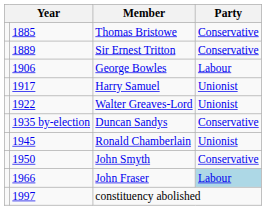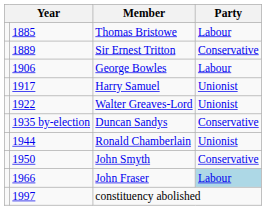 <table class="wikitable">
 <tr>
 <th colspan="2">Year</th>
 <th>Member</th>
 <th>Party</th>
 </tr>
 <tr>
 <td style="color:inherit;background-color: "></td>
 <td><a href='#'>1885</a></td>
 <td><a href='#'>Thomas Bristowe</a></td>
-<td><a href='#'>Conservative</a></td>
+<td><a href='#'>Labour</a></td>
 </tr>
 <tr>
 <td style="color:inherit;background-color: "></td>
 <td><a href='#'>1889</a></td>
 <td><a href='#'>Sir Ernest Tritton</a></td>
 <td><a href='#'>Conservative</a></td>
 </tr>
 <tr>
 <td style="color:inherit;background-color: "></td>
 <td><a href='#'>1906</a></td>
 <td><a href='#'>George Bowles</a></td>
 <td><a href='#'>Labour</a></td>
 </tr>
 <tr>
 <td style="color:inherit;background-color: "></td>
 <td><a href='#'>1917</a></td>
 <td><a href='#'>Harry Samuel</a></td>
 <td><a href='#'>Unionist</a></td>
 </tr>
 <tr>
 <td style="color:inherit;background-color: "></td>
 <td><a href='#'>1922</a></td>
 <td><a href='#'>Walter Greaves-Lord</a></td>
 <td><a href='#'>Unionist</a></td>
 </tr>
 <tr>
 <td style="color:inherit;background-color: "></td>
 <td><a href='#'>1935 by-election</a></td>
 <td><a href='#'>Duncan Sandys</a></td>
 <td><a href='#'>Conservative</a></td>
 </tr>
 <tr>
 <td style="color:inherit;background-color: "></td>
-<td><a href='#'>1945</a></td>
+<td><a href='#'>1944</a></td>
 <td><a href='#'>Ronald Chamberlain</a></td>
 <td><a href='#'>Unionist</a></td>
 </tr>
 <tr>
 <td style="color:inherit;background-color: "></td>
 <td><a href='#'>1950</a></td>
 <td><a href='#'>John Smyth</a></td>
 <td><a href='#'>Conservative</a></td>
 </tr>
 <tr>
 <td style="color:inherit;background-color: "></td>
 <td><a href='#'>1966</a></td>
 <td><a href='#'>John Fraser</a></td>
 <td style="background: lightblue;"><a href='#'>Labour</a></td>
 </tr>
 <tr>
 <td></td>
 <td><a href='#'>1997</a></td>
 <td colspan="2">constituency abolished</td>
 </tr>
 </table>
